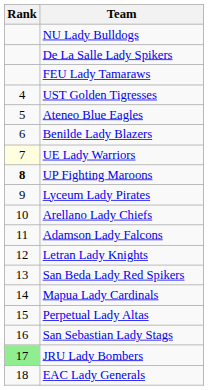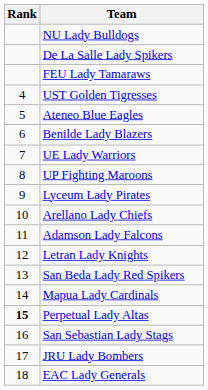 <table class="wikitable" style="text-align: center;">
 <tr>
 <th width=>Rank</th>
 <th width=200>Team</th>
 </tr>
 <tr>
 <td></td>
 <td align="left"><a href='#'>NU Lady Bulldogs</a></td>
 </tr>
 <tr>
 <td></td>
 <td align="left"><a href='#'>De La Salle Lady Spikers</a></td>
 </tr>
 <tr>
 <td></td>
 <td align="left"><a href='#'>FEU Lady Tamaraws</a></td>
 </tr>
 <tr>
 <td>4</td>
 <td align="left"><a href='#'>UST Golden Tigresses</a></td>
 </tr>
 <tr>
 <td>5</td>
 <td align="left"><a href='#'>Ateneo Blue Eagles</a></td>
 </tr>
 <tr>
 <td>6</td>
 <td align="left"><a href='#'>Benilde Lady Blazers</a></td>
 </tr>
 <tr>
-<td style="background: lightyellow;">7</td>
+<td>7</td>
 <td align="left"><a href='#'>UE Lady Warriors</a></td>
 </tr>
 <tr>
-<td><strong>8</strong></td>
+<td>8</td>
 <td align="left"><a href='#'>UP Fighting Maroons</a></td>
 </tr>
 <tr>
 <td>9</td>
 <td align="left"><a href='#'>Lyceum Lady Pirates</a></td>
 </tr>
 <tr>
 <td>10</td>
 <td align="left"><a href='#'>Arellano Lady Chiefs</a></td>
 </tr>
 <tr>
 <td>11</td>
 <td align="left"><a href='#'>Adamson Lady Falcons</a></td>
 </tr>
 <tr>
 <td>12</td>
 <td align="left"><a href='#'>Letran Lady Knights</a></td>
 </tr>
 <tr>
 <td>13</td>
 <td align="left"><a href='#'>San Beda Lady Red Spikers</a></td>
 </tr>
 <tr>
 <td>14</td>
 <td align="left"><a href='#'>Mapua Lady Cardinals</a></td>
 </tr>
 <tr>
-<td>15</td>
+<td><strong>15</strong></td>
 <td align="left"><a href='#'>Perpetual Lady Altas</a></td>
 </tr>
 <tr>
 <td>16</td>
 <td align="left"><a href='#'>San Sebastian Lady Stags</a></td>
 </tr>
 <tr>
-<td style="background: lightgreen;">17</td>
+<td>17</td>
 <td align="left"><a href='#'>JRU Lady Bombers</a></td>
 </tr>
 <tr>
 <td>18</td>
 <td align="left"><a href='#'>EAC Lady Generals</a></td>
 </tr>
 </table>
